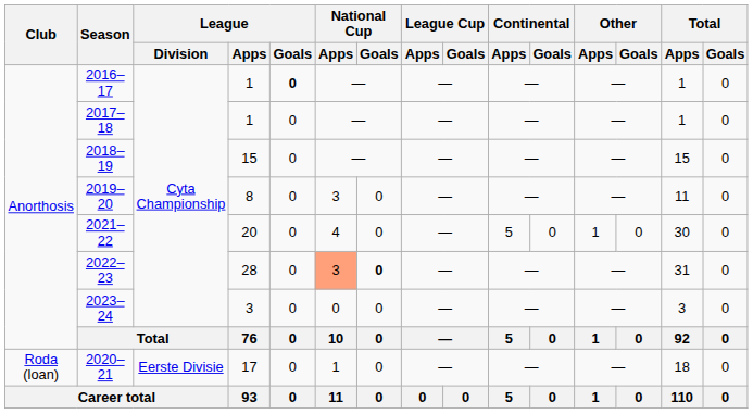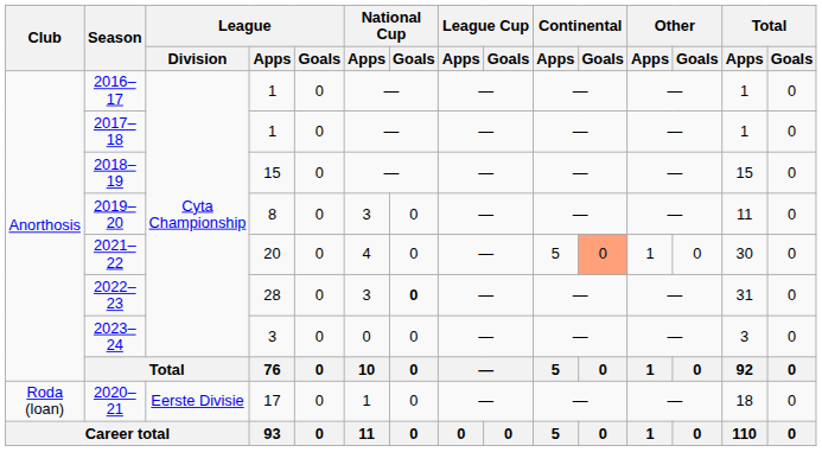 <table class="wikitable" style="font-size:90%; text-align: center">
 <tr>
 <th rowspan=2>Club</th>
 <th rowspan=2>Season</th>
 <th colspan=3>League</th>
 <th colspan=2>National Cup</th>
 <th colspan=2>League Cup</th>
 <th colspan=2>Continental</th>
 <th colspan=2>Other</th>
 <th colspan=2>Total</th>
 </tr>
 <tr>
 <th>Division</th>
 <th>Apps</th>
 <th>Goals</th>
 <th>Apps</th>
 <th>Goals</th>
 <th>Apps</th>
 <th>Goals</th>
 <th>Apps</th>
 <th>Goals</th>
 <th>Apps</th>
 <th>Goals</th>
 <th>Apps</th>
 <th>Goals</th>
 </tr>
 <tr>
 <td rowspan="8"><a href='#'>Anorthosis</a></td>
 <td><a href='#'>2016–17</a></td>
 <td rowspan="7"><a href='#'>Cyta Championship</a></td>
 <td>1</td>
-<td><strong>0</strong></td>
+<td>0</td>
 <td colspan="2">—</td>
 <td colspan="2">—</td>
 <td colspan="2">—</td>
 <td colspan="2">—</td>
 <td>1</td>
 <td>0</td>
 </tr>
 <tr>
 <td><a href='#'>2017–18</a></td>
 <td>1</td>
 <td>0</td>
 <td colspan="2">—</td>
 <td colspan="2">—</td>
 <td colspan="2">—</td>
 <td colspan="2">—</td>
 <td>1</td>
 <td>0</td>
 </tr>
 <tr>
 <td><a href='#'>2018–19</a></td>
 <td>15</td>
 <td>0</td>
 <td colspan="2">—</td>
 <td colspan="2">—</td>
 <td colspan="2">—</td>
 <td colspan="2">—</td>
 <td>15</td>
 <td>0</td>
 </tr>
 <tr>
 <td><a href='#'>2019–20</a></td>
 <td>8</td>
 <td>0</td>
 <td>3</td>
 <td>0</td>
 <td colspan="2">—</td>
 <td colspan="2">—</td>
 <td colspan="2">—</td>
 <td>11</td>
 <td>0</td>
 </tr>
 <tr>
 <td><a href='#'>2021–22</a></td>
 <td>20</td>
 <td>0</td>
 <td>4</td>
 <td>0</td>
 <td colspan="2">—</td>
 <td>5</td>
-<td>0</td>
+<td style="background: lightsalmon;">0</td>
 <td>1</td>
 <td>0</td>
 <td>30</td>
 <td>0</td>
 </tr>
 <tr>
 <td><a href='#'>2022–23</a></td>
 <td>28</td>
 <td>0</td>
-<td style="background: lightsalmon;">3</td>
+<td>3</td>
 <td><strong>0</strong></td>
 <td colspan="2">—</td>
 <td colspan="2">—</td>
 <td colspan="2">—</td>
 <td>31</td>
 <td>0</td>
 </tr>
 <tr>
 <td><a href='#'>2023–24</a></td>
 <td>3</td>
 <td>0</td>
 <td>0</td>
 <td>0</td>
 <td colspan="2">—</td>
 <td colspan="2">—</td>
 <td colspan="2">—</td>
 <td>3</td>
 <td>0</td>
 </tr>
 <tr>
 <th colspan="2">Total</th>
 <th>76</th>
 <th>0</th>
 <th>10</th>
 <th>0</th>
 <th colspan="2">—</th>
 <th>5</th>
 <th>0</th>
 <th>1</th>
 <th>0</th>
 <th>92</th>
 <th>0</th>
 </tr>
 <tr>
 <td><a href='#'>Roda</a> (loan)</td>
 <td><a href='#'>2020–21</a></td>
 <td><a href='#'>Eerste Divisie</a></td>
 <td>17</td>
 <td>0</td>
 <td>1</td>
 <td>0</td>
 <td colspan="2">—</td>
 <td colspan="2">—</td>
 <td colspan="2">—</td>
 <td>18</td>
 <td>0</td>
 </tr>
 <tr>
 <th colspan="3">Career total</th>
 <th>93</th>
 <th>0</th>
 <th>11</th>
 <th>0</th>
 <th>0</th>
 <th>0</th>
 <th>5</th>
 <th>0</th>
 <th>1</th>
 <th>0</th>
 <th>110</th>
 <th>0</th>
 </tr>
 </table>
